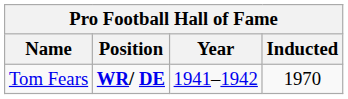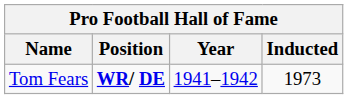 <table class="wikitable">
 <tr align="center">
 <th colspan=5>Pro Football Hall of Fame</th>
 </tr>
 <tr>
 <th>Name</th>
 <th>Position</th>
 <th>Year</th>
 <th>Inducted</th>
 </tr>
 <tr align="center" bgcolor="">
 <td><a href='#'>Tom Fears</a></td>
 <td><strong><a href='#'>WR</a>/ <a href='#'>DE</a></strong></td>
 <td><a href='#'>1941</a>–<a href='#'>1942</a></td>
-<td>1970</td>
+<td>1973</td>
 </tr>
 </table>
